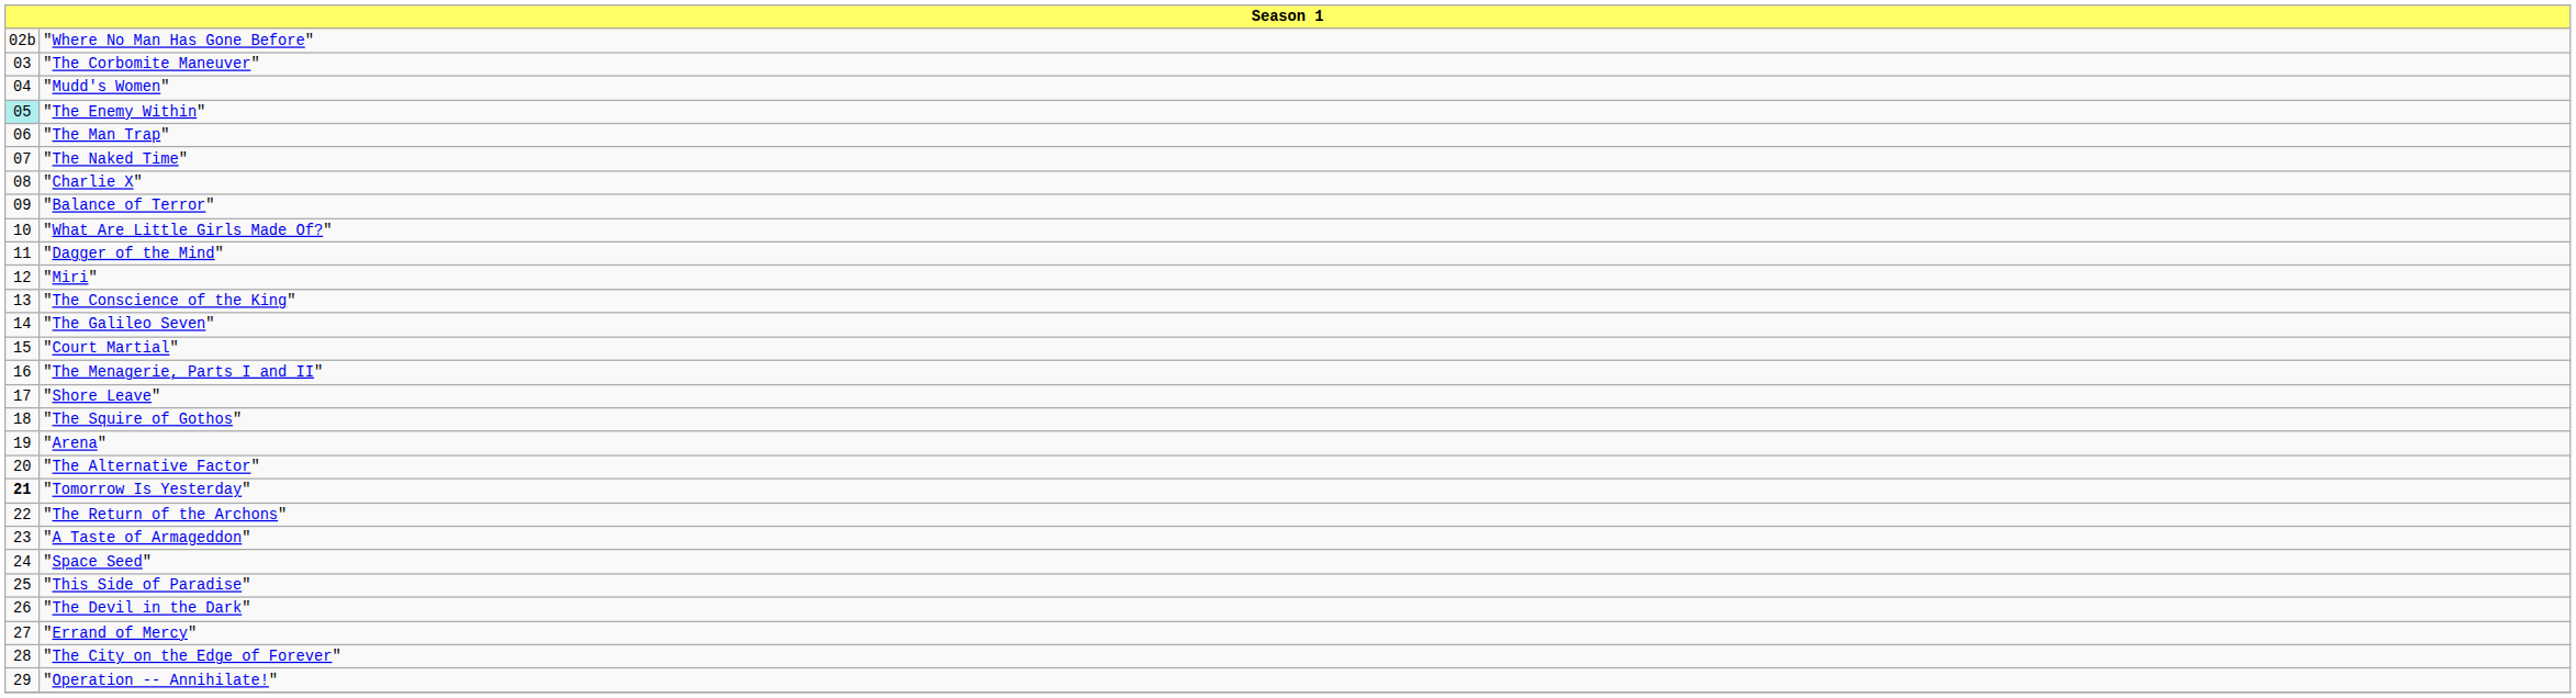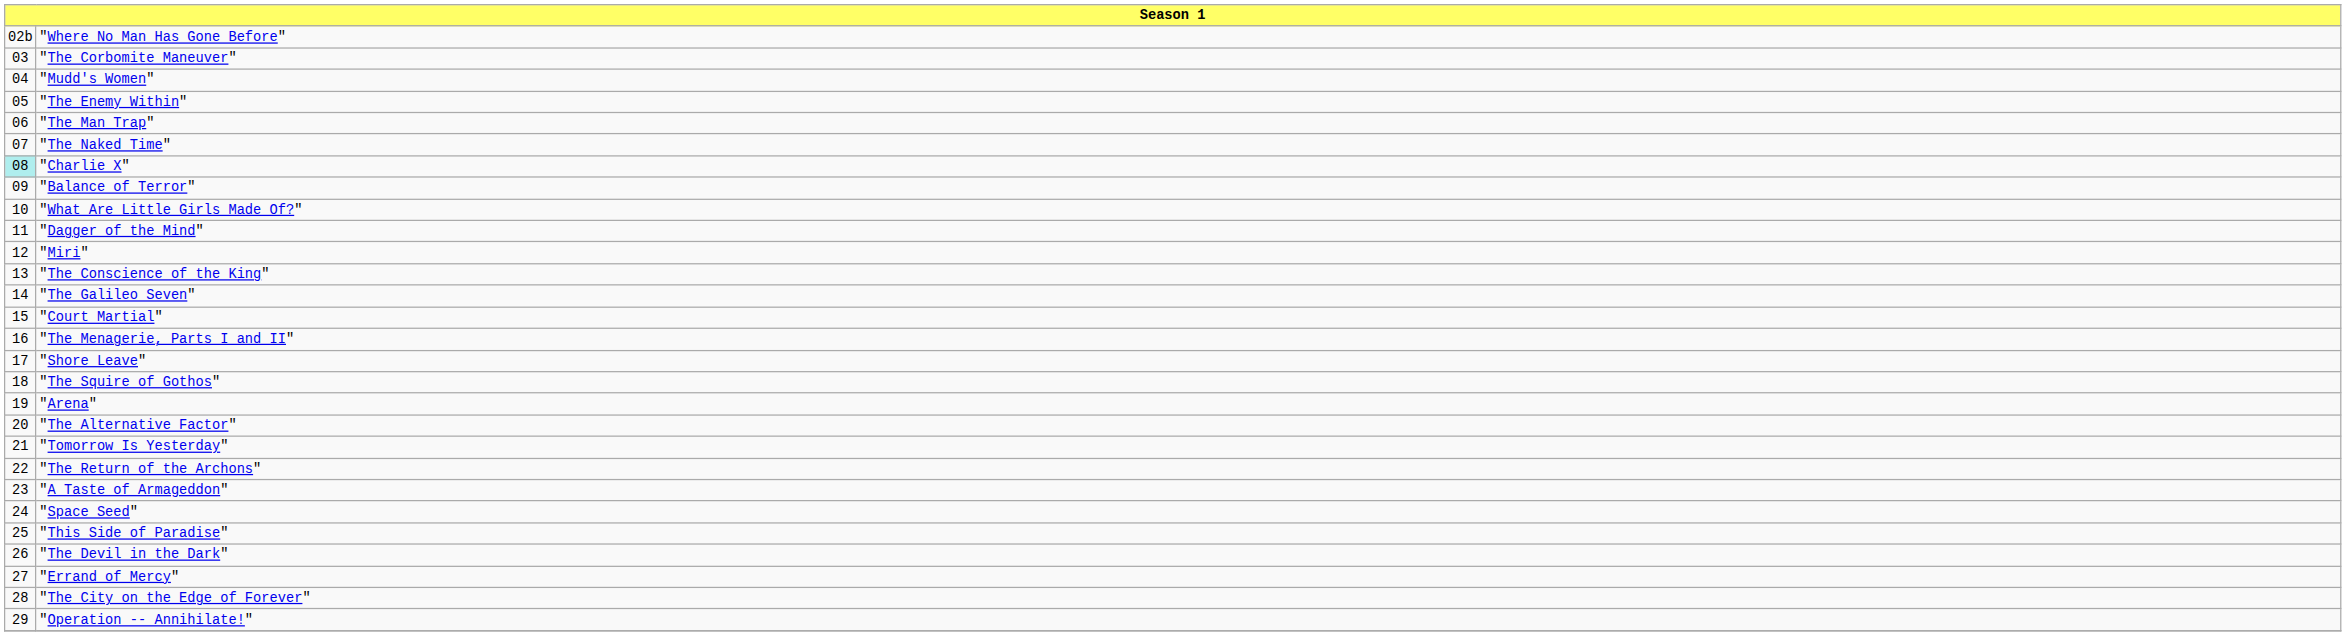 <table class="wikitable" style="font-size:85%; width: 95%;">
 <tr bgcolor="#CCCCCC">
 <th colspan=2 style="background-color: #FFFF66">Season 1</th>
 </tr>
 <tr>
 <td width="10px" align="center">02b</td>
 <td>"<a href='#'>Where No Man Has Gone Before</a>"</td>
 </tr>
 <tr>
 <td width="10px" align="center">03</td>
 <td>"<a href='#'>The Corbomite Maneuver</a>"</td>
 </tr>
 <tr>
 <td width="10px" align="center">04</td>
 <td>"<a href='#'>Mudd's Women</a>"</td>
 </tr>
 <tr>
-<td width="10px" align="center" style="background: paleturquoise;">05</td>
+<td width="10px" align="center">05</td>
 <td>"<a href='#'>The Enemy Within</a>"</td>
 </tr>
 <tr>
 <td width="10px" align="center">06</td>
 <td>"<a href='#'>The Man Trap</a>"</td>
 </tr>
 <tr>
 <td width="10px" align="center">07</td>
 <td>"<a href='#'>The Naked Time</a>"</td>
 </tr>
 <tr>
-<td width="10px" align="center">08</td>
+<td width="10px" align="center" style="background: paleturquoise;">08</td>
 <td>"<a href='#'>Charlie X</a>"</td>
 </tr>
 <tr>
 <td width="10px" align="center">09</td>
 <td>"<a href='#'>Balance of Terror</a>"</td>
 </tr>
 <tr>
 <td width="10px" align="center">10</td>
 <td>"<a href='#'>What Are Little Girls Made Of?</a>"</td>
 </tr>
 <tr>
 <td width="10px" align="center">11</td>
 <td>"<a href='#'>Dagger of the Mind</a>"</td>
 </tr>
 <tr>
 <td width="10px" align="center">12</td>
 <td>"<a href='#'>Miri</a>"</td>
 </tr>
 <tr>
 <td width="10px" align="center">13</td>
 <td>"<a href='#'>The Conscience of the King</a>"</td>
 </tr>
 <tr>
 <td width="10px" align="center">14</td>
 <td>"<a href='#'>The Galileo Seven</a>"</td>
 </tr>
 <tr>
 <td width="10px" align="center">15</td>
 <td>"<a href='#'>Court Martial</a>"</td>
 </tr>
 <tr>
 <td width="10px" align="center">16</td>
 <td>"<a href='#'>The Menagerie, Parts I and II</a>"</td>
 </tr>
 <tr>
 <td width="10px" align="center">17</td>
 <td>"<a href='#'>Shore Leave</a>"</td>
 </tr>
 <tr>
 <td width="10px" align="center">18</td>
 <td>"<a href='#'>The Squire of Gothos</a>"</td>
 </tr>
 <tr>
 <td width="10px" align="center">19</td>
 <td>"<a href='#'>Arena</a>"</td>
 </tr>
 <tr>
 <td width="10px" align="center">20</td>
 <td>"<a href='#'>The Alternative Factor</a>"</td>
 </tr>
 <tr>
-<td width="10px" align="center"><strong>21</strong></td>
+<td width="10px" align="center">21</td>
 <td>"<a href='#'>Tomorrow Is Yesterday</a>"</td>
 </tr>
 <tr>
 <td width="10px" align="center">22</td>
 <td>"<a href='#'>The Return of the Archons</a>"</td>
 </tr>
 <tr>
 <td width="10px" align="center">23</td>
 <td>"<a href='#'>A Taste of Armageddon</a>"</td>
 </tr>
 <tr>
 <td width="10px" align="center">24</td>
 <td>"<a href='#'>Space Seed</a>"</td>
 </tr>
 <tr>
 <td width="10px" align="center">25</td>
 <td>"<a href='#'>This Side of Paradise</a>"</td>
 </tr>
 <tr>
 <td width="10px" align="center">26</td>
 <td>"<a href='#'>The Devil in the Dark</a>"</td>
 </tr>
 <tr>
 <td width="10px" align="center">27</td>
 <td>"<a href='#'>Errand of Mercy</a>"</td>
 </tr>
 <tr>
 <td width="10px" align="center">28</td>
 <td>"<a href='#'>The City on the Edge of Forever</a>"</td>
 </tr>
 <tr>
 <td width="10px" align="center">29</td>
 <td>"<a href='#'>Operation -- Annihilate!</a>"</td>
 </tr>
 <tr>
 </tr>
 </table>
